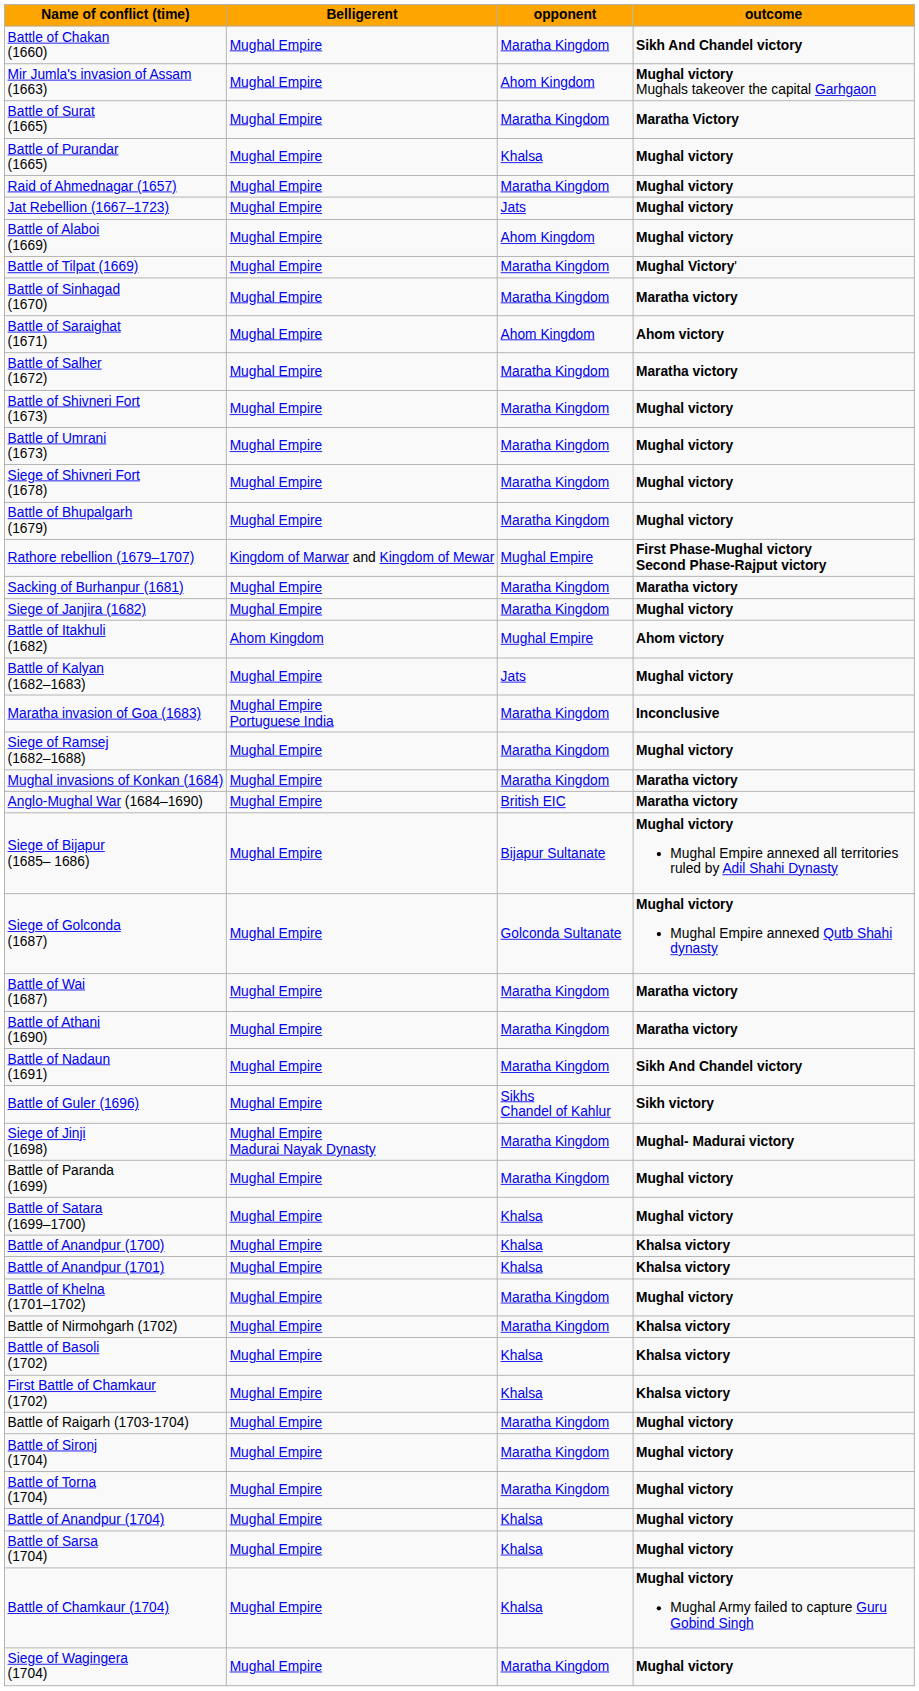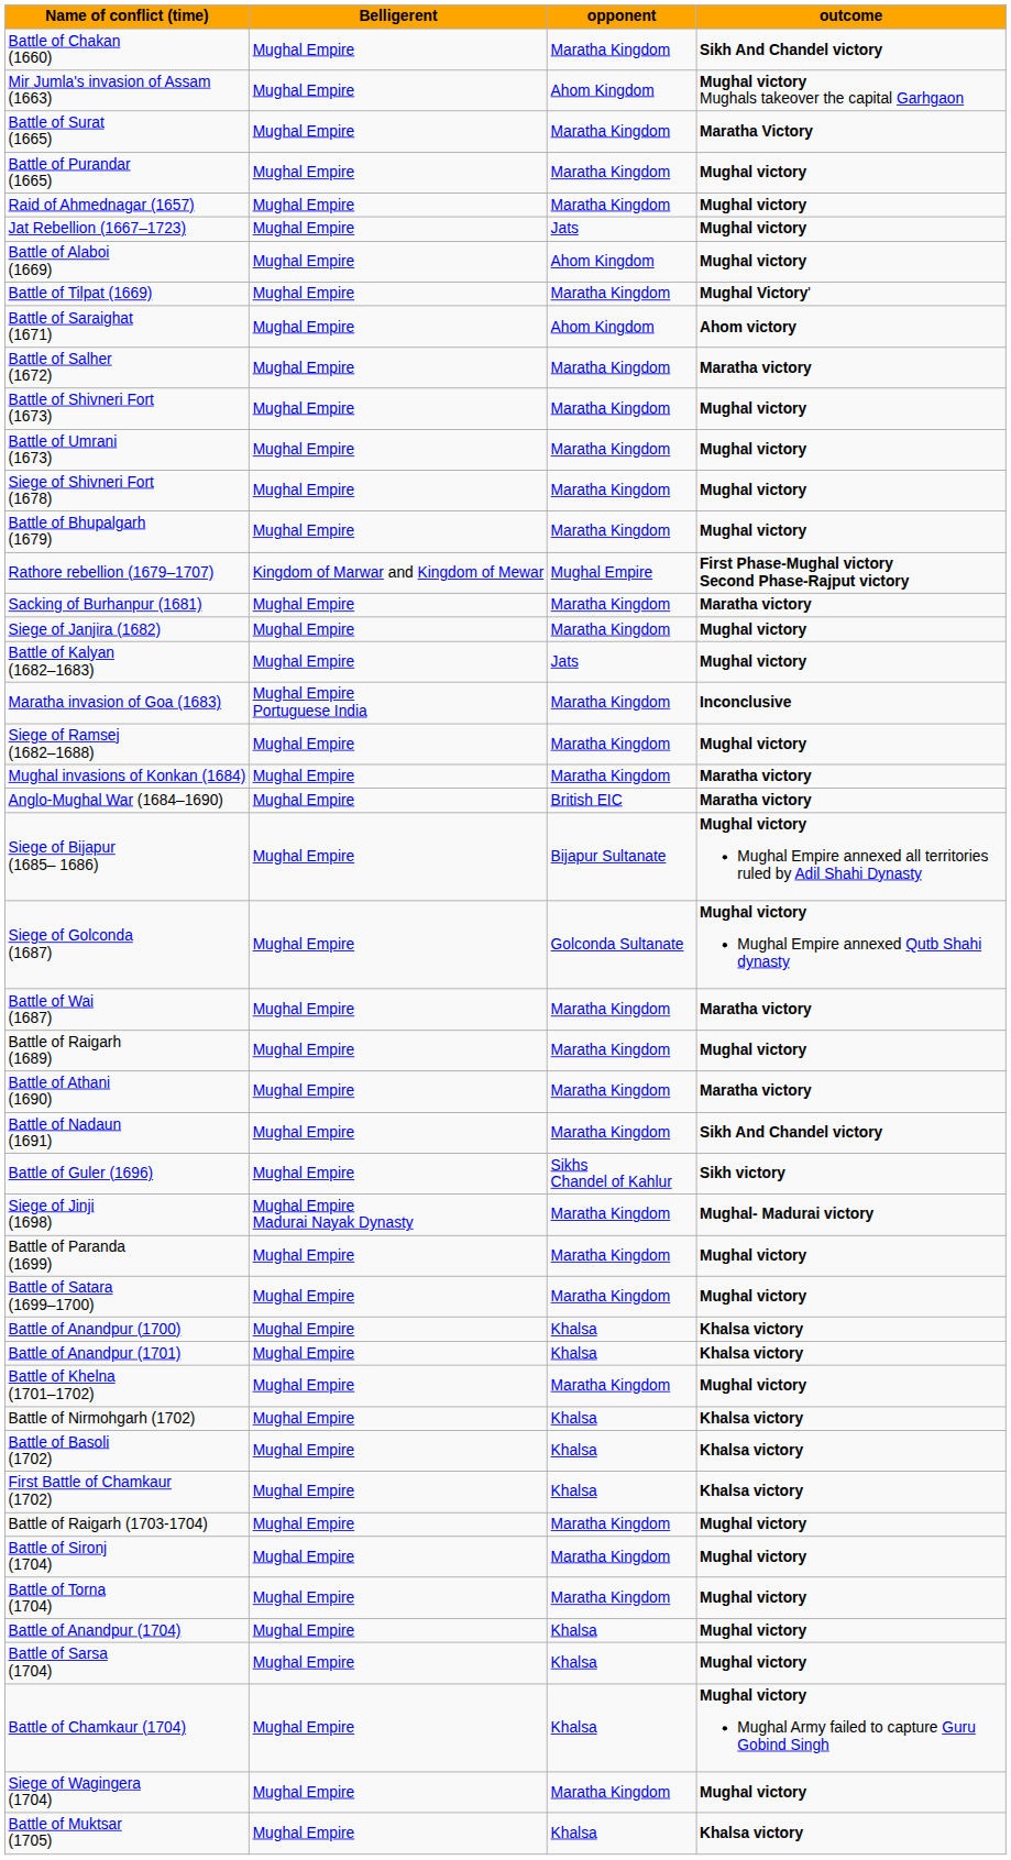 <table class="wikitable">
 <tr>
 <th style=" background:orange;"><span>Name of conflict (time)</span></th>
 <th style="background:orange; widh:150px;"><span>Belligerent</span></th>
 <th style="background: orange;width:150px;"><span> opponent</span></th>
 <th style="background:orange;width:320px;"><span> outcome</span></th>
 </tr>
 <tr>
 <td><a href='#'>Battle of Chakan</a><br>(1660)</td>
 <td> <a href='#'>Mughal Empire</a></td>
 <td> <a href='#'>Maratha Kingdom</a></td>
 <td><strong>Sikh And Chandel victory</strong></td>
 </tr>
 <tr>
 <td><a href='#'>Mir Jumla's invasion of Assam</a><br>(1663)</td>
 <td><a href='#'>Mughal Empire</a></td>
 <td> <a href='#'>Ahom Kingdom</a></td>
 <td><strong>Mughal victory</strong><br>Mughals takeover the capital <a href='#'>Garhgaon</a></td>
 </tr>
 <tr>
 <td><a href='#'>Battle of Surat</a><br>(1665)</td>
 <td> <a href='#'>Mughal Empire</a></td>
 <td> <a href='#'>Maratha Kingdom</a></td>
 <td><strong>Maratha Victory</strong></td>
 </tr>
 <tr>
 <td><a href='#'>Battle of Purandar</a><br>(1665)</td>
 <td> <a href='#'>Mughal Empire</a></td>
-<td> <a href='#'>Khalsa</a></td>
+<td> <a href='#'>Maratha Kingdom</a></td>
 <td><strong>Mughal victory</strong></td>
 </tr>
 <tr>
 <td><a href='#'>Raid of Ahmednagar (1657)</a></td>
 <td> <a href='#'>Mughal Empire</a></td>
 <td> <a href='#'>Maratha Kingdom</a></td>
 <td><strong>Mughal victory</strong></td>
 </tr>
 <tr>
 <td><a href='#'>Jat Rebellion (1667–1723)</a></td>
 <td> <a href='#'>Mughal Empire</a></td>
 <td><a href='#'>Jats</a></td>
 <td><strong>Mughal victory</strong></td>
 </tr>
 <tr>
 <td><a href='#'>Battle of Alaboi</a><br>(1669)</td>
 <td> <a href='#'>Mughal Empire</a></td>
 <td> <a href='#'>Ahom Kingdom</a></td>
 <td><strong>Mughal victory</strong></td>
 </tr>
 <tr>
 <td><a href='#'>Battle of Tilpat (1669)</a></td>
 <td> <a href='#'>Mughal Empire</a></td>
 <td> <a href='#'>Maratha Kingdom</a></td>
 <td><strong>Mughal Victory</strong>'</td>
-</tr>
-<tr>
-<td><a href='#'>Battle of Sinhagad</a><br>(1670)</td>
-<td> <a href='#'>Mughal Empire</a></td>
-<td> <a href='#'>Maratha Kingdom</a></td>
-<td><strong>Maratha victory</strong></td>
 </tr>
 <tr>
 <td><a href='#'>Battle of Saraighat</a><br>(1671)</td>
 <td><a href='#'>Mughal Empire</a></td>
 <td> <a href='#'>Ahom Kingdom</a></td>
 <td><strong>Ahom victory</strong></td>
 </tr>
 <tr>
 <td><a href='#'>Battle of Salher</a><br>(1672)</td>
 <td> <a href='#'>Mughal Empire</a></td>
 <td> <a href='#'>Maratha Kingdom</a></td>
 <td><strong>Maratha victory</strong></td>
 </tr>
 <tr>
 <td><a href='#'>Battle of Shivneri Fort</a><br>(1673)</td>
 <td> <a href='#'>Mughal Empire</a></td>
 <td> <a href='#'>Maratha Kingdom</a></td>
 <td><strong>Mughal victory</strong></td>
 </tr>
 <tr>
 <td><a href='#'>Battle of Umrani</a><br>(1673)</td>
 <td> <a href='#'>Mughal Empire</a></td>
 <td><a href='#'>Maratha Kingdom</a></td>
 <td><strong>Mughal victory</strong></td>
 </tr>
 <tr>
 <td><a href='#'>Siege of Shivneri Fort</a><br>(1678)</td>
 <td> <a href='#'>Mughal Empire</a></td>
 <td><a href='#'>Maratha Kingdom</a></td>
 <td><strong>Mughal victory</strong></td>
 </tr>
 <tr>
 <td><a href='#'>Battle of Bhupalgarh</a><br>(1679)</td>
 <td> <a href='#'>Mughal Empire</a></td>
 <td> <a href='#'>Maratha Kingdom</a></td>
 <td><strong>Mughal victory</strong></td>
 </tr>
 <tr>
 <td><a href='#'>Rathore rebellion (1679–1707)</a></td>
 <td><a href='#'>Kingdom of Marwar</a> and <a href='#'>Kingdom of Mewar</a></td>
 <td><a href='#'>Mughal Empire</a></td>
 <td><strong> First Phase-Mughal victory</strong><br><strong> Second Phase-Rajput victory</strong></td>
 </tr>
 <tr>
 <td><a href='#'>Sacking of Burhanpur (1681)</a></td>
 <td><a href='#'>Mughal Empire</a></td>
 <td> <a href='#'>Maratha Kingdom</a></td>
 <td><strong>Maratha victory</strong></td>
 </tr>
 <tr>
 <td><a href='#'>Siege of Janjira (1682)</a></td>
 <td><a href='#'>Mughal Empire</a></td>
 <td> <a href='#'>Maratha Kingdom</a></td>
 <td><strong>Mughal victory</strong></td>
 </tr>
 <tr>
-<td><a href='#'>Battle of Itakhuli</a><br>(1682)</td>
-<td> <a href='#'>Ahom Kingdom</a></td>
-<td><a href='#'>Mughal Empire</a></td>
-<td><strong>Ahom victory</strong></td>
-</tr>
-<tr>
 <td><a href='#'>Battle of Kalyan</a><br>(1682–1683)</td>
 <td><a href='#'>Mughal Empire</a></td>
 <td><a href='#'>Jats</a></td>
 <td><strong>Mughal victory</strong></td>
 </tr>
 <tr>
 <td><a href='#'>Maratha invasion of Goa (1683)</a></td>
 <td><a href='#'>Mughal Empire</a><br><a href='#'>Portuguese India</a></td>
 <td> <a href='#'>Maratha Kingdom</a></td>
 <td><strong>Inconclusive</strong></td>
 </tr>
 <tr>
 <td><a href='#'>Siege of Ramsej</a><br>(1682–1688)</td>
 <td><a href='#'>Mughal Empire</a></td>
 <td> <a href='#'>Maratha Kingdom</a></td>
 <td><strong>Mughal victory</strong></td>
 </tr>
 <tr>
 <td><a href='#'>Mughal invasions of Konkan (1684)</a></td>
 <td><a href='#'>Mughal Empire</a></td>
 <td> <a href='#'>Maratha Kingdom</a></td>
 <td><strong>Maratha victory</strong></td>
 </tr>
 <tr>
 <td><a href='#'>Anglo-Mughal War</a> (1684–1690)</td>
 <td> <a href='#'>Mughal Empire</a></td>
 <td><a href='#'>British EIC</a></td>
 <td><strong>Maratha victory</strong></td>
 </tr>
 <tr>
 <td><a href='#'>Siege of Bijapur</a><br>(1685– 1686)</td>
 <td> <a href='#'>Mughal Empire</a></td>
 <td><a href='#'>Bijapur Sultanate</a></td>
 <td><strong>Mughal victory</strong><br><ul><li>Mughal Empire annexed all territories ruled by <a href='#'>Adil Shahi Dynasty</a></li></ul></td>
 </tr>
 <tr>
 <td><a href='#'>Siege of Golconda</a><br>(1687)</td>
 <td> <a href='#'>Mughal Empire</a></td>
 <td> <a href='#'>Golconda Sultanate</a></td>
 <td><strong>Mughal victory</strong><br><ul><li>Mughal Empire annexed <a href='#'>Qutb Shahi dynasty</a></li></ul></td>
 </tr>
 <tr>
 <td><a href='#'>Battle of Wai</a><br>(1687)</td>
 <td> <a href='#'>Mughal Empire</a></td>
 <td> <a href='#'>Maratha Kingdom</a></td>
 <td><strong>Maratha victory</strong></td>
 </tr>
 <tr>
+<td>Battle of Raigarh<br>(1689)</td>
+<td> <a href='#'>Mughal Empire</a></td>
+<td>  <a href='#'>Maratha Kingdom</a></td>
+<td><strong>Mughal victory</strong></td>
+</tr>
+<tr>
 <td><a href='#'>Battle of Athani</a><br>(1690)</td>
 <td> <a href='#'>Mughal Empire</a></td>
 <td> <a href='#'>Maratha Kingdom</a></td>
 <td><strong>Maratha victory</strong></td>
 </tr>
 <tr>
 <td><a href='#'>Battle of Nadaun</a><br>(1691)</td>
 <td> <a href='#'>Mughal Empire</a></td>
 <td> <a href='#'>Maratha Kingdom</a></td>
 <td><strong>Sikh And Chandel victory</strong></td>
 </tr>
 <tr>
 <td><a href='#'>Battle of Guler (1696)</a><br></td>
 <td> <a href='#'>Mughal Empire</a></td>
 <td> <a href='#'>Sikhs</a><br> <a href='#'>Chandel of Kahlur</a></td>
 <td><strong>Sikh victory</strong></td>
 </tr>
 <tr>
 <td><a href='#'>Siege of Jinji</a><br>(1698)</td>
 <td> <a href='#'>Mughal Empire</a><br> <a href='#'>Madurai Nayak Dynasty</a></td>
 <td> <a href='#'>Maratha Kingdom</a></td>
 <td><strong>Mughal- Madurai victory</strong></td>
 </tr>
 <tr>
 <td>Battle of Paranda<br>(1699)</td>
 <td> <a href='#'>Mughal Empire</a></td>
 <td> <a href='#'>Maratha Kingdom</a></td>
 <td><strong>Mughal victory</strong></td>
 </tr>
 <tr>
 <td><a href='#'>Battle of Satara</a><br>(1699–1700)</td>
 <td> <a href='#'>Mughal Empire</a></td>
-<td>  <a href='#'>Khalsa</a></td>
+<td> <a href='#'>Maratha Kingdom</a></td>
 <td><strong>Mughal victory</strong></td>
 </tr>
 <tr>
 <td><a href='#'>Battle of Anandpur (1700)</a></td>
 <td><a href='#'>Mughal Empire</a></td>
 <td> <a href='#'>Khalsa</a></td>
 <td><strong>Khalsa victory</strong></td>
 </tr>
 <tr>
 <td><a href='#'>Battle of Anandpur (1701)</a></td>
 <td><a href='#'>Mughal Empire</a></td>
 <td> <a href='#'>Khalsa</a></td>
 <td><strong>Khalsa victory</strong></td>
 </tr>
 <tr>
 <td><a href='#'>Battle of Khelna</a><br>(1701–1702)</td>
 <td> <a href='#'>Mughal Empire</a></td>
 <td> <a href='#'>Maratha Kingdom</a></td>
 <td><strong>Mughal victory</strong></td>
 </tr>
 <tr>
 <td>Battle of Nirmohgarh (1702)<br></td>
 <td> <a href='#'>Mughal Empire</a></td>
-<td> <a href='#'>Maratha Kingdom</a></td>
+<td> <a href='#'>Khalsa</a></td>
 <td><strong>Khalsa victory</strong></td>
 </tr>
 <tr>
 <td><a href='#'>Battle of Basoli</a><br>(1702)</td>
 <td> <a href='#'>Mughal Empire</a></td>
 <td> <a href='#'>Khalsa</a></td>
 <td><strong>Khalsa victory</strong></td>
 </tr>
 <tr>
 <td><a href='#'>First Battle of Chamkaur</a><br>(1702)</td>
 <td> <a href='#'>Mughal Empire</a></td>
 <td> <a href='#'>Khalsa</a></td>
 <td><strong>Khalsa victory</strong></td>
 </tr>
 <tr>
 <td>Battle of Raigarh (1703-1704)</td>
 <td> <a href='#'>Mughal Empire</a></td>
 <td> <a href='#'>Maratha Kingdom</a></td>
 <td><strong>Mughal victory</strong></td>
 </tr>
 <tr>
 <td><a href='#'>Battle of Sironj</a><br>(1704)</td>
 <td> <a href='#'>Mughal Empire</a></td>
 <td> <a href='#'>Maratha Kingdom</a></td>
 <td><strong>Mughal victory</strong></td>
 </tr>
 <tr>
 <td><a href='#'>Battle of Torna</a><br>(1704)</td>
 <td> <a href='#'>Mughal Empire</a></td>
 <td> <a href='#'>Maratha Kingdom</a></td>
 <td><strong>Mughal victory</strong></td>
 </tr>
 <tr>
 <td><a href='#'>Battle of Anandpur (1704)</a></td>
 <td> <a href='#'>Mughal Empire</a></td>
 <td> <a href='#'>Khalsa</a></td>
 <td><strong>Mughal victory</strong></td>
 </tr>
 <tr>
 <td><a href='#'>Battle of Sarsa</a><br>(1704)</td>
 <td> <a href='#'>Mughal Empire</a></td>
 <td>  <a href='#'>Khalsa</a></td>
 <td><strong>Mughal victory</strong></td>
 </tr>
 <tr>
 <td><a href='#'>Battle of Chamkaur (1704)</a><br></td>
 <td> <a href='#'>Mughal Empire</a></td>
 <td>  <a href='#'>Khalsa</a></td>
 <td><strong>Mughal victory</strong><br><ul><li>Mughal Army failed to capture <a href='#'>Guru Gobind Singh</a></li></ul></td>
 </tr>
 <tr>
 <td><a href='#'>Siege of Wagingera</a><br>(1704)</td>
 <td> <a href='#'>Mughal Empire</a></td>
 <td> <a href='#'>Maratha Kingdom</a></td>
 <td><strong>Mughal victory</strong></td>
 </tr>
+<tr>
+<td><a href='#'>Battle of Muktsar</a><br>(1705)</td>
+<td> <a href='#'>Mughal Empire</a></td>
+<td> <a href='#'>Khalsa</a></td>
+<td><strong>Khalsa victory</strong></td>
+</tr>
 </table>
